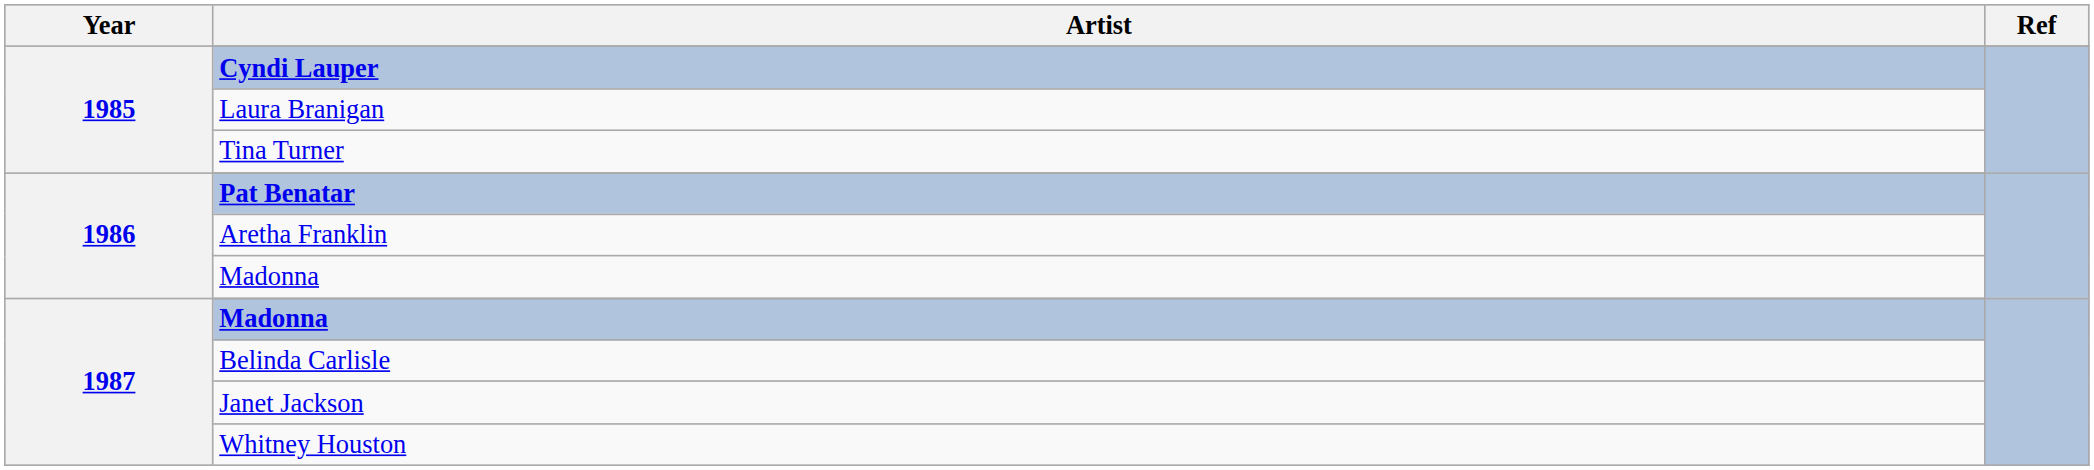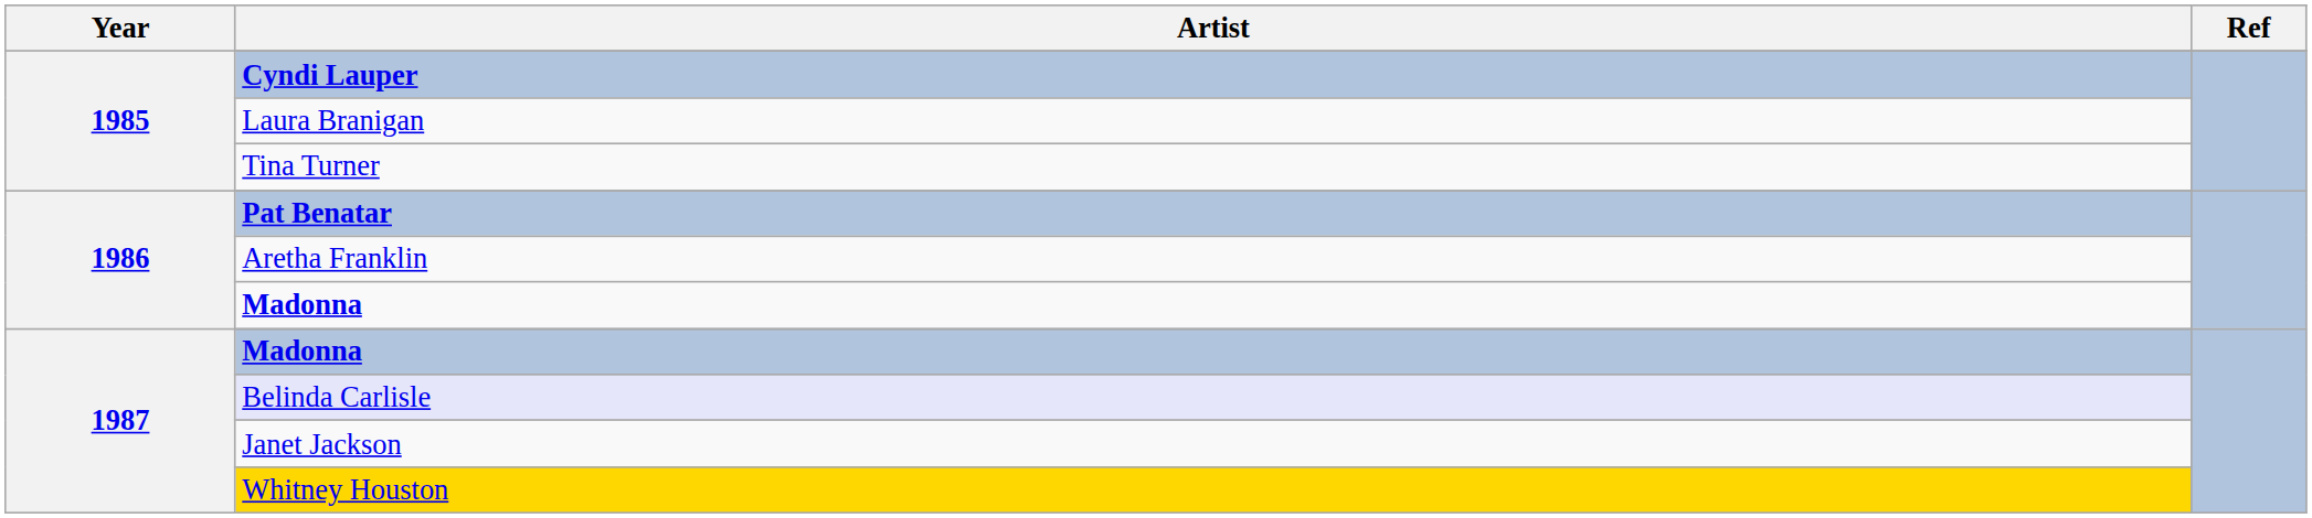 <table class="wikitable" width="100%">
 <tr>
 <th width="10%">Year</th>
 <th width="85%">Artist</th>
 <th width="5%">Ref</th>
 </tr>
 <tr>
 <th rowspan="4" align="center"><a href='#'>1985<br></a></th>
 </tr>
 <tr style="background:#B0C4DE">
 <td><strong><a href='#'>Cyndi Lauper</a></strong></td>
 <td rowspan="4" align="center"></td>
 </tr>
 <tr>
 <td><a href='#'>Laura Branigan</a></td>
 </tr>
 <tr>
 <td><a href='#'>Tina Turner</a></td>
 </tr>
 <tr>
 <th rowspan="4" align="center"><a href='#'>1986<br></a></th>
 </tr>
 <tr style="background:#B0C4DE">
 <td><strong><a href='#'>Pat Benatar</a></strong></td>
 <td rowspan="4" align="center"></td>
 </tr>
 <tr>
 <td><a href='#'>Aretha Franklin</a></td>
 </tr>
 <tr>
-<td><a href='#'>Madonna</a></td>
+<td><strong><a href='#'>Madonna</a></strong></td>
 </tr>
 <tr>
 <th rowspan="5" align="center"><a href='#'>1987<br></a></th>
 </tr>
 <tr style="background:#B0C4DE">
 <td><strong><a href='#'>Madonna</a></strong></td>
 <td rowspan="5" align="center"></td>
 </tr>
 <tr>
-<td><a href='#'>Belinda Carlisle</a></td>
+<td style="background: lavender;"><a href='#'>Belinda Carlisle</a></td>
 </tr>
 <tr>
 <td><a href='#'>Janet Jackson</a></td>
 </tr>
 <tr>
-<td><a href='#'>Whitney Houston</a></td>
+<td style="background: gold;"><a href='#'>Whitney Houston</a></td>
 </tr>
 </table>
